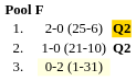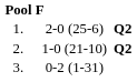 <table style="text-align:center">
 <tr>
 <td colspan=4 align=left><strong>Pool F</strong></td>
 </tr>
 <tr>
 <td width=30>1.</td>
 <td align=left></td>
 <td width=80>2-0 (25-6)</td>
-<td style="background: gold;"><strong>Q2</strong></td>
+<td><strong>Q2</strong></td>
 </tr>
 <tr>
 <td>2.</td>
 <td align=left></td>
 <td>1-0 (21-10)</td>
 <td><strong>Q2</strong></td>
 </tr>
 <tr>
 <td>3.</td>
 <td align=left></td>
-<td style="background: lightyellow;">0-2 (1-31)</td>
+<td>0-2 (1-31)</td>
 <td></td>
 </tr>
 </table>
